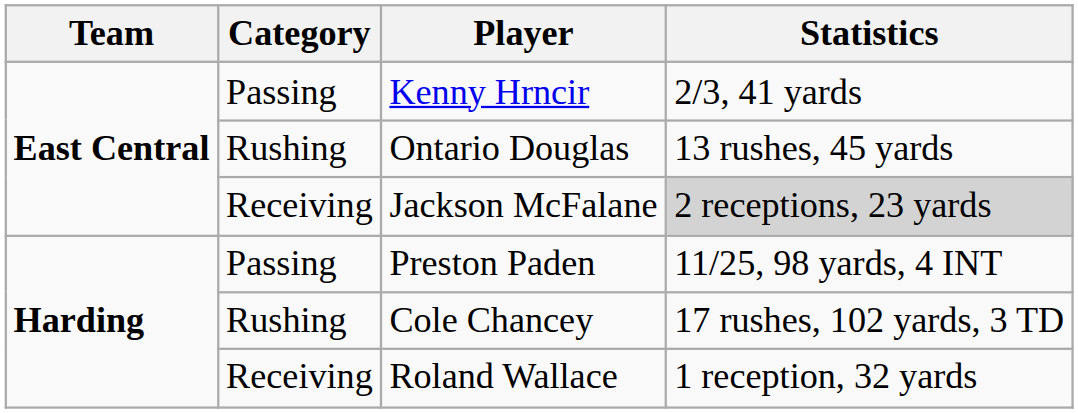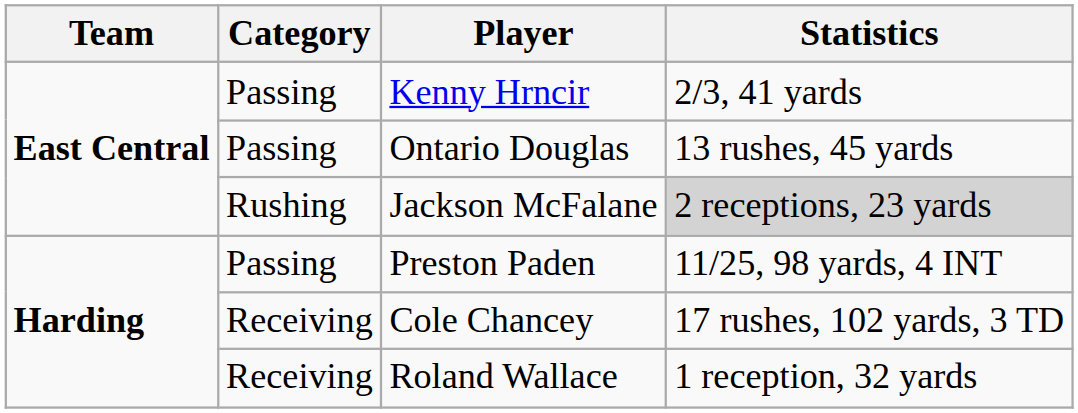 <table class="wikitable" style="float: right;">
 <tr>
 <th>Team</th>
 <th>Category</th>
 <th>Player</th>
 <th>Statistics</th>
 </tr>
 <tr>
 <td rowspan=3><strong>East Central</strong></td>
 <td>Passing</td>
 <td><a href='#'>Kenny Hrncir</a></td>
 <td>2/3, 41 yards</td>
 </tr>
 <tr>
-<td>Rushing</td>
+<td>Passing</td>
 <td>Ontario Douglas</td>
 <td>13 rushes, 45 yards</td>
 </tr>
 <tr>
-<td>Receiving</td>
+<td>Rushing</td>
 <td>Jackson McFalane</td>
 <td style="background: lightgrey;">2 receptions, 23 yards</td>
 </tr>
 <tr>
 <td rowspan=3><strong>Harding</strong></td>
 <td>Passing</td>
 <td>Preston Paden</td>
 <td>11/25, 98 yards, 4 INT</td>
 </tr>
 <tr>
-<td>Rushing</td>
+<td>Receiving</td>
 <td>Cole Chancey</td>
 <td>17 rushes, 102 yards, 3 TD</td>
 </tr>
 <tr>
 <td>Receiving</td>
 <td>Roland Wallace</td>
 <td>1 reception, 32 yards</td>
 </tr>
 </table>
